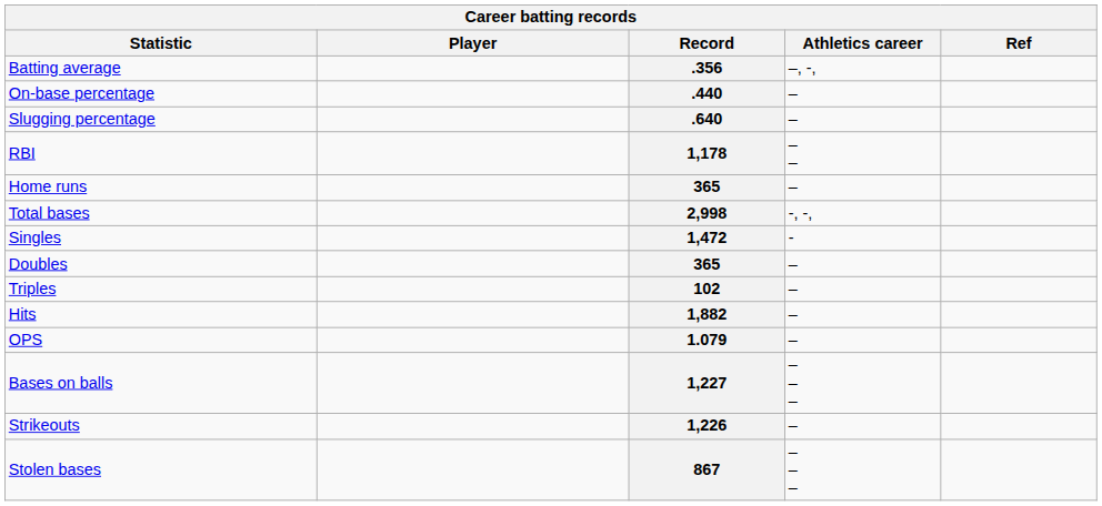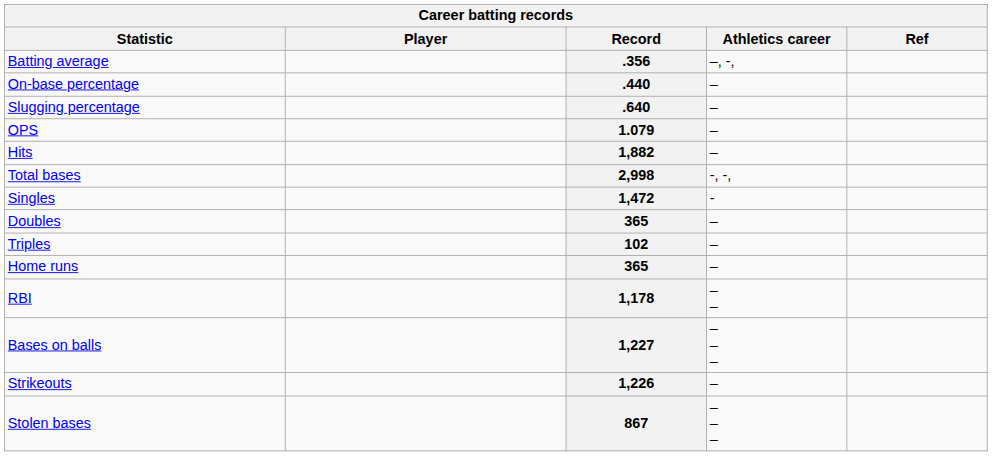 <table class="wikitable" width="69%">
 <tr>
 <th colspan=5>Career batting records</th>
 </tr>
 <tr>
 <th scope="col" width=20%>Statistic</th>
 <th scope="col" width=20%>Player</th>
 <th scope="col" width=10% class="unsortable">Record</th>
 <th scope="col" width=10%>Athletics career</th>
 <th scope="col" width=10% class="unsortable">Ref</th>
 </tr>
 <tr>
 <td><a href='#'>Batting average</a></td>
 <td></td>
 <th scope="row">.356</th>
 <td>–, -, </td>
 <td></td>
 </tr>
 <tr>
 <td><a href='#'>On-base percentage</a></td>
 <td></td>
 <th scope="row">.440</th>
 <td>–</td>
 <td></td>
 </tr>
 <tr>
 <td><a href='#'>Slugging percentage</a></td>
 <td></td>
 <th scope="row">.640</th>
 <td>–</td>
 <td></td>
 </tr>
 <tr>
-<td><a href='#'>RBI</a></td>
+<td><a href='#'>OPS</a></td>
 <td></td>
-<th scope="row">1,178</th>
-<td>–<br>– <br></td>
+<th scope="row">1.079</th>
+<td>–</td>
 <td></td>
 </tr>
 <tr>
-<td><a href='#'>Home runs</a></td>
+<td><a href='#'>Hits</a></td>
 <td></td>
-<th scope="row">365</th>
+<th scope="row">1,882</th>
 <td>–</td>
 <td></td>
 </tr>
 <tr>
 <td><a href='#'>Total bases</a></td>
 <td></td>
 <th scope="row">2,998</th>
 <td>-, -, </td>
 <td></td>
 </tr>
 <tr>
 <td><a href='#'>Singles</a></td>
 <td></td>
 <th scope="row">1,472</th>
 <td>-</td>
 <td></td>
 </tr>
 <tr>
 <td><a href='#'>Doubles</a></td>
 <td></td>
 <th scope="row">365</th>
 <td>–</td>
 <td></td>
 </tr>
 <tr>
 <td><a href='#'>Triples</a></td>
 <td></td>
 <th scope="row">102</th>
 <td>–</td>
 <td></td>
 </tr>
 <tr>
-<td><a href='#'>Hits</a></td>
+<td><a href='#'>Home runs</a></td>
 <td></td>
-<th scope="row">1,882</th>
+<th scope="row">365</th>
 <td>–</td>
 <td></td>
 </tr>
 <tr>
-<td><a href='#'>OPS</a></td>
+<td><a href='#'>RBI</a></td>
 <td></td>
-<th scope="row">1.079</th>
-<td>–</td>
+<th scope="row">1,178</th>
+<td>–<br>– <br></td>
 <td></td>
 </tr>
 <tr>
 <td><a href='#'>Bases on balls</a></td>
 <td></td>
 <th scope="row">1,227</th>
 <td>–<br>–<br>–<br></td>
 <td></td>
 </tr>
 <tr>
 <td><a href='#'>Strikeouts</a></td>
 <td></td>
 <th scope="row">1,226</th>
 <td>–<br></td>
 <td></td>
 </tr>
 <tr>
 <td><a href='#'>Stolen bases</a></td>
 <td></td>
 <th scope="row">867</th>
 <td>–<br>–<br>–<br></td>
 <td></td>
 </tr>
 </table>
